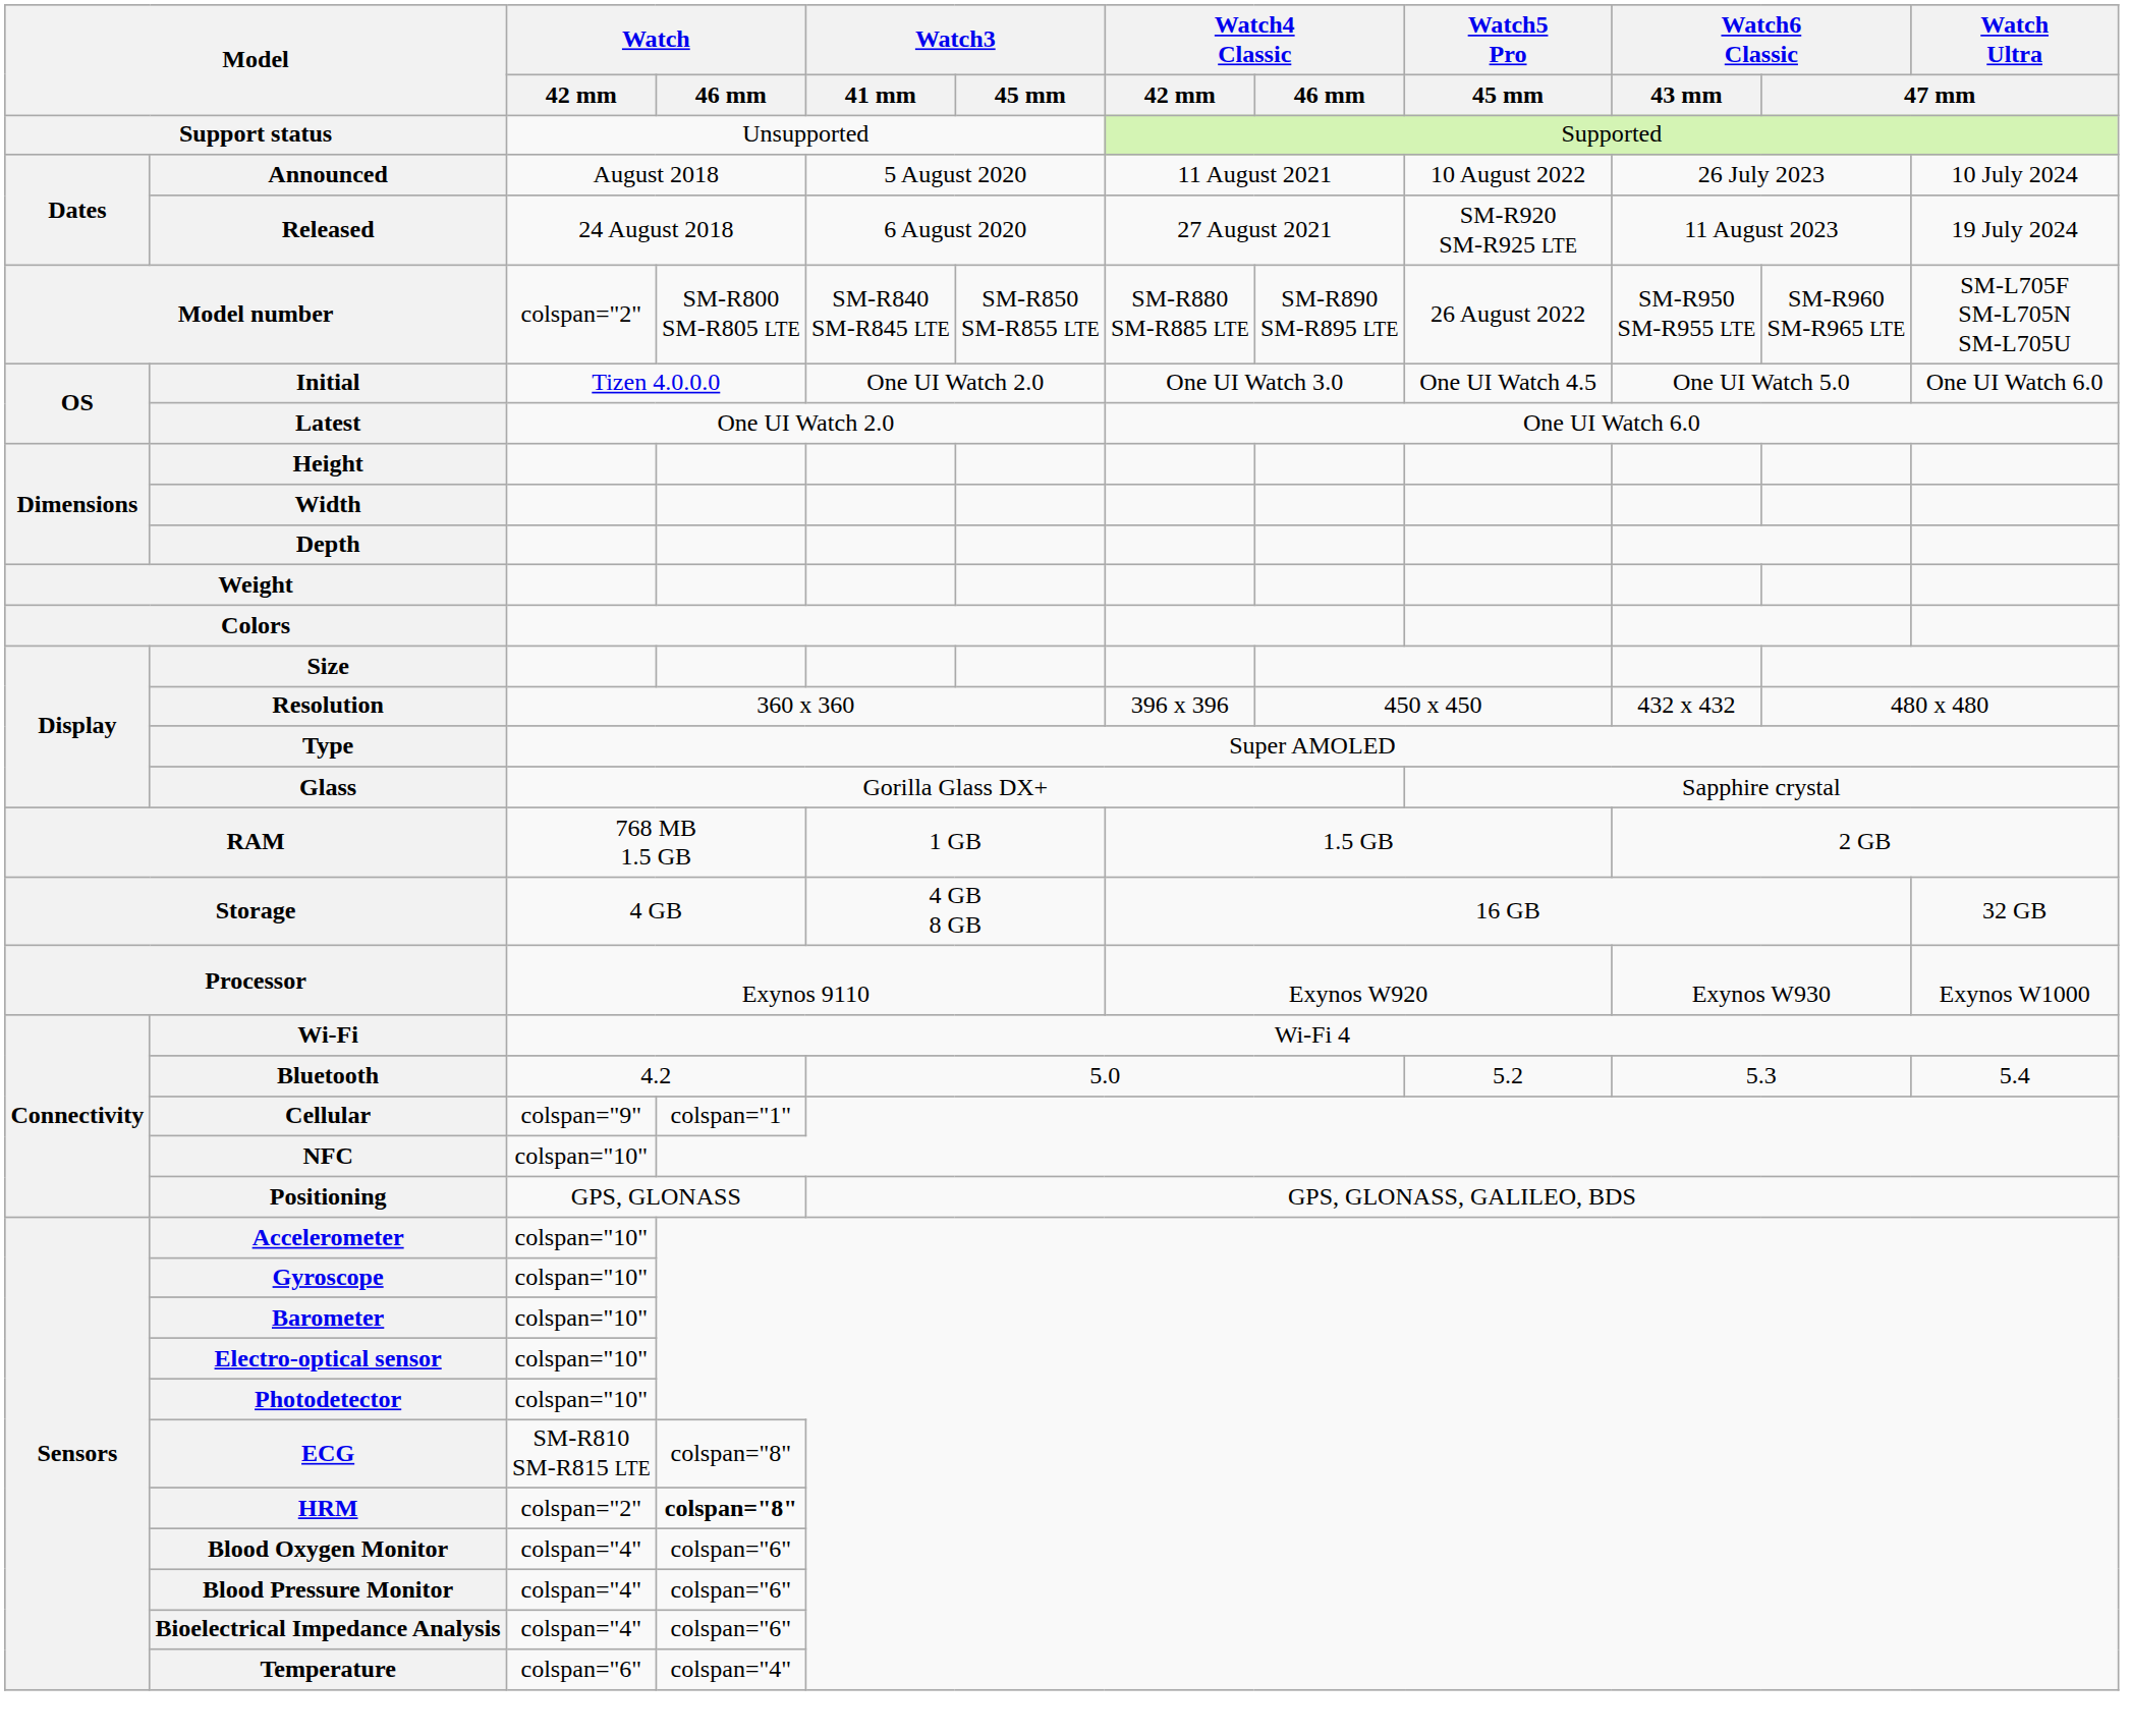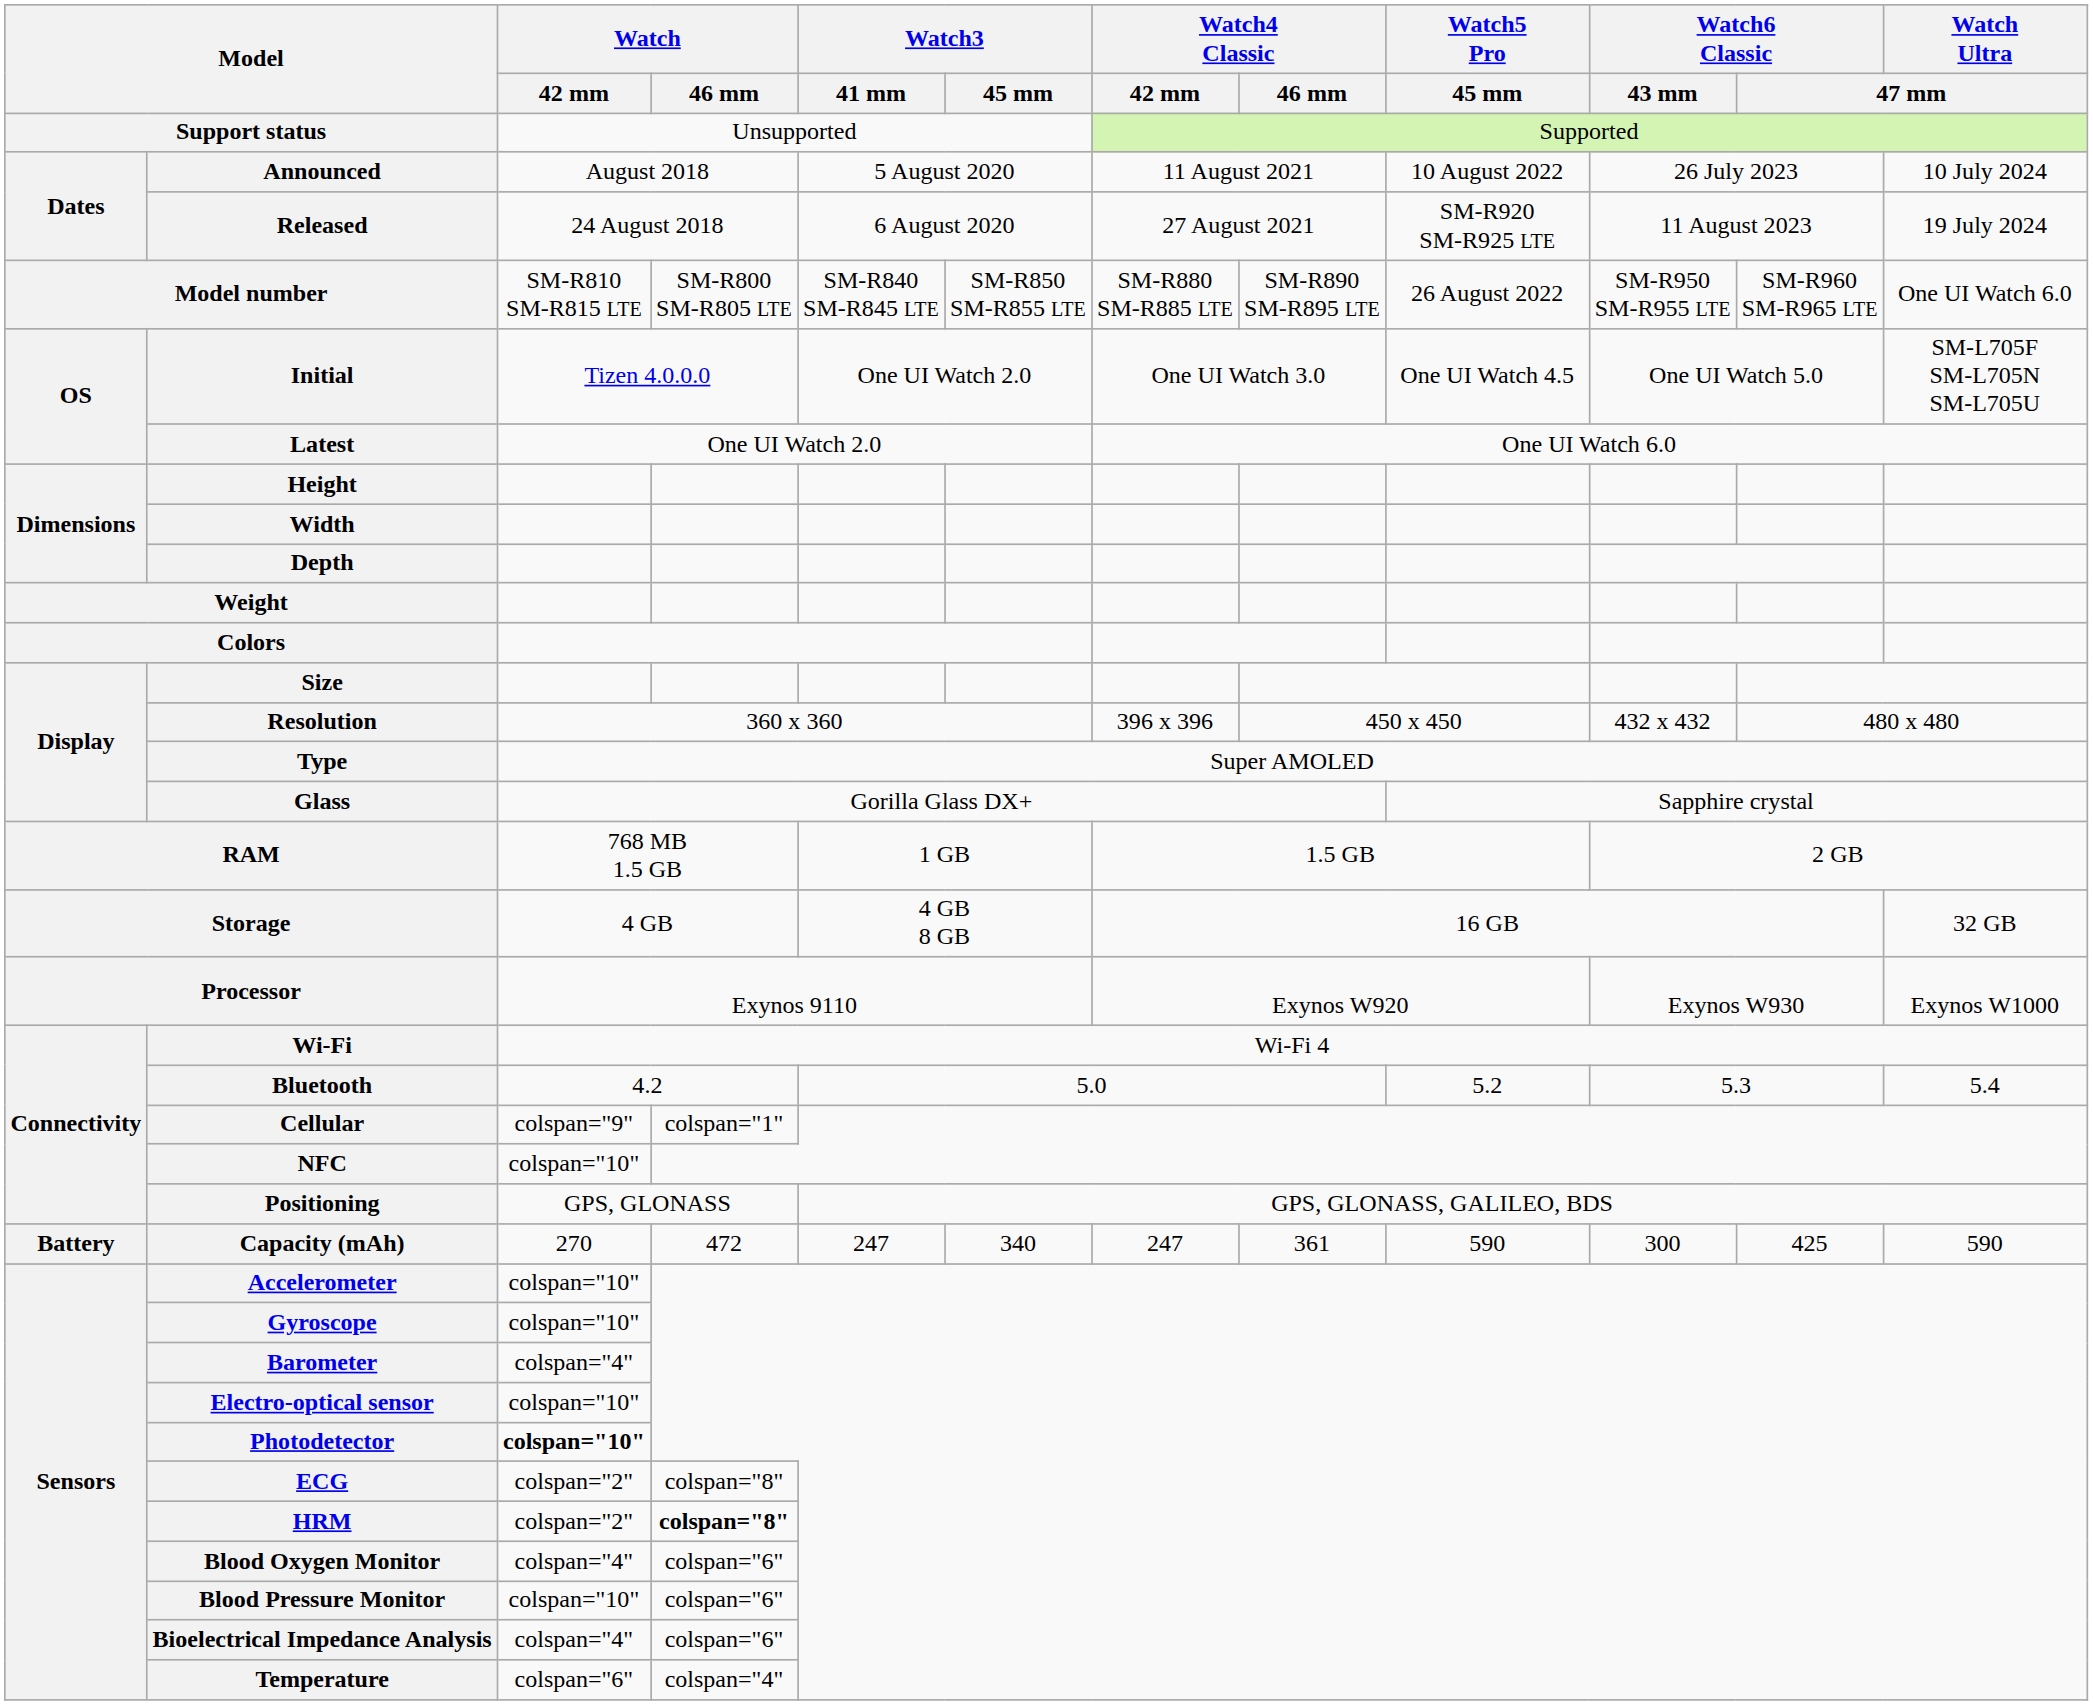 <table class="wikitable" style="text-align:center; font-size:90%;">
 <tr>
 <th colspan="2" rowspan="2">Model</th>
 <th style="min-width: 8em" colspan="2"><a href='#'>Watch</a></th>
 <th style="min-width: 8em" colspan="2"><a href='#'>Watch3</a></th>
 <th style="min-width: 8em" colspan="2"><a href='#'>Watch4<br>Classic</a></th>
 <th style="min-width: 8em"><a href='#'>Watch5<br>Pro</a></th>
 <th style="min-width: 8em" colspan="2"><a href='#'>Watch6<br>Classic</a></th>
 <th style="min-width: 8em"><a href='#'>Watch<br>Ultra</a></th>
 </tr>
 <tr>
 <th>42 mm</th>
 <th>46 mm</th>
 <th>41 mm</th>
 <th>45 mm</th>
 <th>42 mm</th>
 <th>46 mm</th>
 <th>45 mm</th>
 <th>43 mm</th>
 <th colspan="2">47 mm</th>
 </tr>
 <tr>
 <th colspan="2">Support status</th>
 <td colspan="4">Unsupported</td>
 <td style="background:#d4f4b4" colspan="6">Supported</td>
 </tr>
 <tr>
 <th rowspan="2">Dates</th>
 <th>Announced</th>
 <td colspan="2">August 2018</td>
 <td colspan="2">5 August 2020</td>
 <td colspan="2">11 August 2021</td>
 <td colspan="1">10 August 2022</td>
 <td colspan="2">26 July 2023</td>
 <td colspan="1">10 July 2024</td>
 </tr>
 <tr>
 <th>Released</th>
 <td colspan="2">24 August 2018</td>
 <td colspan="2">6 August 2020</td>
 <td colspan="2">27 August 2021</td>
 <td>SM-R920<br>SM-R925 <small>LTE</small></td>
 <td colspan="2">11 August 2023</td>
 <td colspan="1">19 July 2024</td>
 </tr>
 <tr>
 <th colspan="2">Model number</th>
-<td>colspan="2" </td>
+<td>SM-R810<br>SM-R815 <small>LTE</small></td>
 <td>SM-R800<br>SM-R805 <small>LTE</small></td>
 <td>SM-R840<br>SM-R845 <small>LTE</small></td>
 <td>SM-R850<br>SM-R855 <small>LTE</small></td>
 <td>SM-R880<br>SM-R885 <small>LTE</small></td>
 <td>SM-R890<br>SM-R895 <small>LTE</small></td>
 <td colspan="1">26 August 2022</td>
 <td>SM-R950<br>SM-R955 <small>LTE</small></td>
 <td>SM-R960<br>SM-R965 <small>LTE</small></td>
-<td>SM-L705F<br>SM-L705N<br>SM-L705U</td>
+<td colspan="1">One UI Watch 6.0<br></td>
 </tr>
 <tr>
 <th rowspan="2">OS</th>
 <th>Initial</th>
 <td colspan="2"><a href='#'>Tizen 4.0.0.0</a></td>
 <td colspan="2">One UI Watch 2.0<br></td>
 <td colspan="2">One UI Watch 3.0<br></td>
 <td colspan="1">One UI Watch 4.5<br></td>
 <td colspan="2">One UI Watch 5.0<br></td>
-<td colspan="1">One UI Watch 6.0<br></td>
+<td>SM-L705F<br>SM-L705N<br>SM-L705U</td>
 </tr>
 <tr>
 <th>Latest</th>
 <td colspan="4">One UI Watch 2.0<br></td>
 <td colspan="6">One UI Watch 6.0<br></td>
 </tr>
 <tr>
 <th rowspan="3">Dimensions<br></th>
 <th>Height</th>
 <td></td>
 <td></td>
 <td></td>
 <td></td>
 <td></td>
 <td></td>
 <td></td>
 <td></td>
 <td></td>
 <td></td>
 </tr>
 <tr>
 <th>Width</th>
 <td></td>
 <td></td>
 <td></td>
 <td></td>
 <td></td>
 <td></td>
 <td></td>
 <td></td>
 <td></td>
 <td></td>
 </tr>
 <tr>
 <th>Depth</th>
 <td></td>
 <td></td>
 <td></td>
 <td></td>
 <td></td>
 <td></td>
 <td></td>
 <td colspan="2"></td>
 <td></td>
 </tr>
 <tr>
 <th colspan="2">Weight<br></th>
 <td></td>
 <td></td>
 <td></td>
 <td></td>
 <td></td>
 <td></td>
 <td></td>
 <td></td>
 <td></td>
 <td></td>
 </tr>
 <tr>
 <th colspan="2">Colors</th>
 <td colspan="4">  </td>
 <td colspan="2"> </td>
 <td> </td>
 <td colspan="2"> </td>
 <td>  </td>
 </tr>
 <tr>
 <th rowspan="4">Display</th>
 <th>Size</th>
 <td></td>
 <td></td>
 <td></td>
 <td></td>
 <td></td>
 <td colspan="2"></td>
 <td></td>
 <td colspan="2"></td>
 </tr>
 <tr>
 <th>Resolution</th>
 <td colspan="4">360 x 360</td>
 <td>396 x 396</td>
 <td colspan="2">450 x 450</td>
 <td>432 x 432</td>
 <td colspan="2">480 x 480</td>
 </tr>
 <tr>
 <th>Type</th>
 <td colspan="10">Super AMOLED</td>
 </tr>
 <tr>
 <th>Glass</th>
 <td colspan="6">Gorilla Glass DX+</td>
 <td colspan="4">Sapphire crystal</td>
 </tr>
 <tr>
 <th colspan="2">RAM</th>
 <td colspan="2">768 MB<br>1.5 GB</td>
 <td colspan="2">1 GB</td>
 <td colspan="3">1.5 GB</td>
 <td colspan="3">2 GB</td>
 </tr>
 <tr>
 <th colspan="2">Storage</th>
 <td colspan="2">4 GB</td>
 <td colspan="2">4 GB<br>8 GB</td>
 <td colspan="5">16 GB</td>
 <td colspan="1">32 GB</td>
 </tr>
 <tr>
 <th colspan="2">Processor</th>
 <td colspan="4"><br>Exynos 9110</td>
 <td colspan="3"><br>Exynos W920</td>
 <td colspan="2"><br>Exynos W930</td>
 <td colspan="1"><br>Exynos W1000</td>
 </tr>
 <tr>
 <th rowspan="5">Connectivity</th>
 <th>Wi-Fi</th>
 <td colspan="10">Wi-Fi 4</td>
 </tr>
 <tr>
 <th>Bluetooth</th>
 <td colspan="2">4.2</td>
 <td colspan="4">5.0</td>
 <td colspan="1">5.2</td>
 <td colspan="2">5.3</td>
 <td colspan="1">5.4</td>
 </tr>
 <tr>
 <th>Cellular</th>
 <td>colspan="9" </td>
 <td>colspan="1" </td>
 </tr>
 <tr>
 <th>NFC</th>
 <td>colspan="10" </td>
 </tr>
 <tr>
 <th>Positioning</th>
 <td colspan="2">GPS, GLONASS</td>
 <td colspan="8">GPS, GLONASS, GALILEO, BDS</td>
 </tr>
 <tr>
+<th rowspan="1">Battery</th>
+<th>Capacity (mAh)</th>
+<td>270</td>
+<td>472</td>
+<td>247</td>
+<td>340</td>
+<td>247</td>
+<td>361</td>
+<td>590</td>
+<td>300</td>
+<td>425</td>
+<td>590</td>
+</tr>
+<tr>
 <th rowspan="11">Sensors</th>
 <th><a href='#'>Accelerometer</a></th>
 <td>colspan="10" </td>
 </tr>
 <tr>
 <th><a href='#'>Gyroscope</a></th>
 <td>colspan="10" </td>
 </tr>
 <tr>
 <th><a href='#'>Barometer</a></th>
-<td>colspan="10" </td>
+<td>colspan="4" </td>
 </tr>
 <tr>
 <th><a href='#'>Electro-optical sensor</a></th>
 <td>colspan="10" </td>
 </tr>
 <tr>
 <th><a href='#'>Photodetector</a></th>
-<td>colspan="10" </td>
+<td><strong>colspan="10" </strong></td>
 </tr>
 <tr>
 <th><a href='#'>ECG</a></th>
-<td>SM-R810<br>SM-R815 <small>LTE</small></td>
+<td>colspan="2" </td>
 <td>colspan="8" </td>
 </tr>
 <tr>
 <th><a href='#'>HRM</a></th>
 <td>colspan="2" </td>
 <td><strong>colspan="8" </strong></td>
 </tr>
 <tr>
 <th>Blood Oxygen Monitor</th>
 <td>colspan="4" </td>
 <td>colspan="6" </td>
 </tr>
 <tr>
 <th>Blood Pressure Monitor</th>
-<td>colspan="4" </td>
+<td>colspan="10" </td>
 <td>colspan="6" </td>
 </tr>
 <tr>
 <th>Bioelectrical Impedance Analysis</th>
 <td>colspan="4" </td>
 <td>colspan="6" </td>
 </tr>
 <tr>
 <th>Temperature</th>
 <td>colspan="6" </td>
 <td>colspan="4" </td>
 </tr>
 </table>
